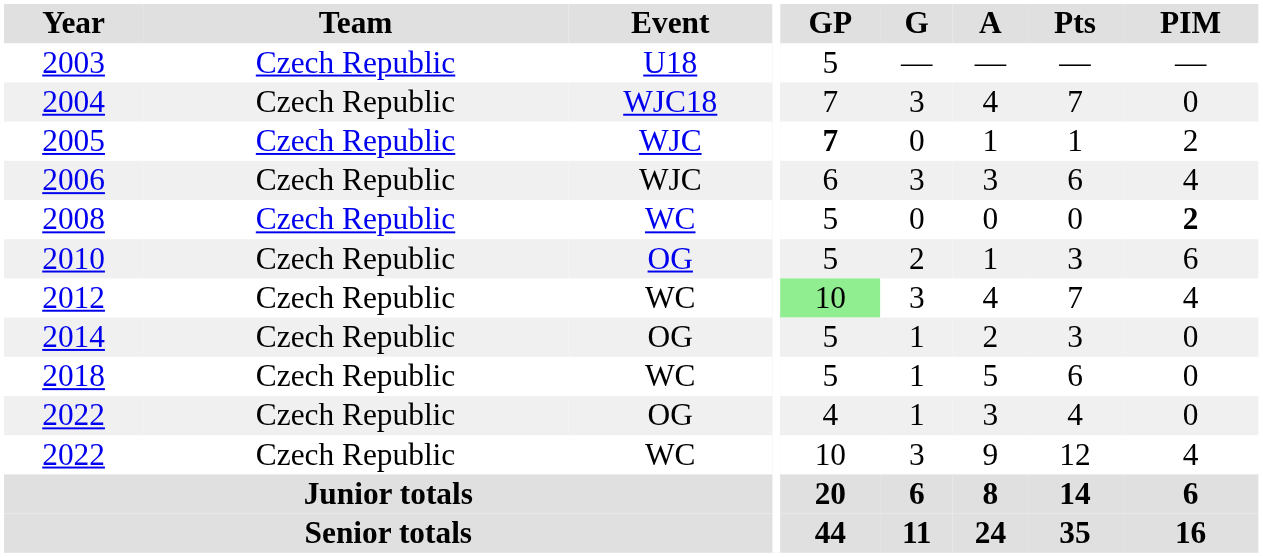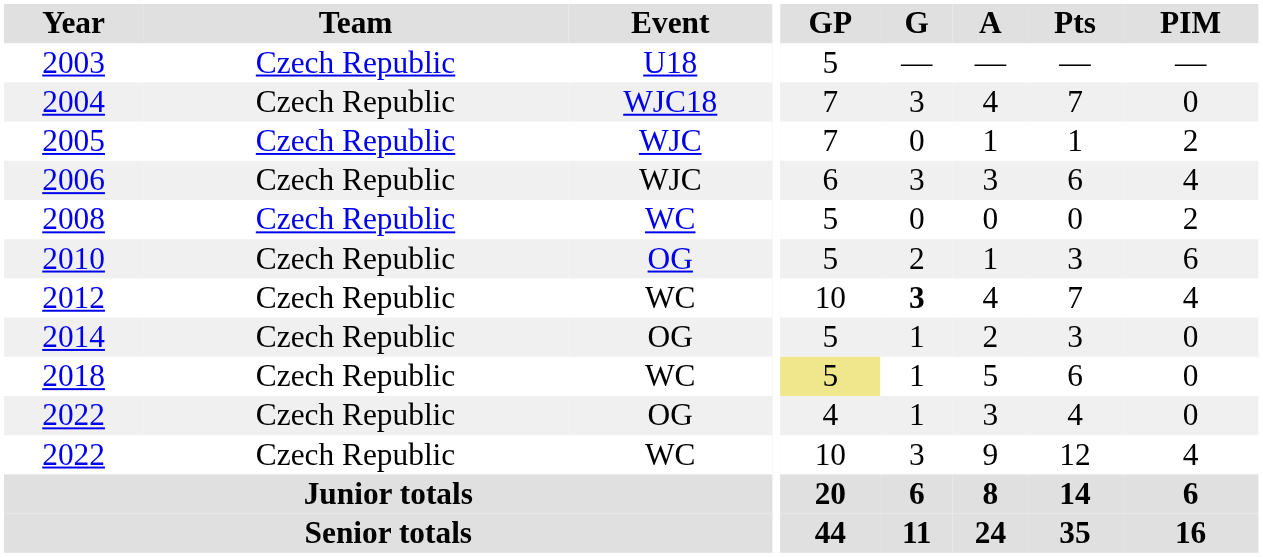 <table border="0" cellpadding="1" cellspacing="0" ID="Table3" style="text-align:center; width:40em;">
 <tr bgcolor="#e0e0e0">
 <th>Year</th>
 <th>Team</th>
 <th>Event</th>
 <th rowspan="102" bgcolor="#ffffff"></th>
 <th>GP</th>
 <th>G</th>
 <th>A</th>
 <th>Pts</th>
 <th>PIM</th>
 </tr>
 <tr>
 <td><a href='#'>2003</a></td>
 <td><a href='#'>Czech Republic</a></td>
 <td><a href='#'>U18</a></td>
 <td>5</td>
 <td>—</td>
 <td>—</td>
 <td>—</td>
 <td>—</td>
 </tr>
 <tr bgcolor="#f0f0f0">
 <td><a href='#'>2004</a></td>
 <td>Czech Republic</td>
 <td><a href='#'>WJC18</a></td>
 <td>7</td>
 <td>3</td>
 <td>4</td>
 <td>7</td>
 <td>0</td>
 </tr>
 <tr>
 <td><a href='#'>2005</a></td>
 <td><a href='#'>Czech Republic</a></td>
 <td><a href='#'>WJC</a></td>
-<td><strong>7</strong></td>
+<td>7</td>
 <td>0</td>
 <td>1</td>
 <td>1</td>
 <td>2</td>
 </tr>
 <tr bgcolor="#f0f0f0">
 <td><a href='#'>2006</a></td>
 <td>Czech Republic</td>
 <td>WJC</td>
 <td>6</td>
 <td>3</td>
 <td>3</td>
 <td>6</td>
 <td>4</td>
 </tr>
 <tr>
 <td><a href='#'>2008</a></td>
 <td><a href='#'>Czech Republic</a></td>
 <td><a href='#'>WC</a></td>
 <td>5</td>
 <td>0</td>
 <td>0</td>
 <td>0</td>
-<td><strong>2</strong></td>
+<td>2</td>
 </tr>
 <tr bgcolor="#f0f0f0">
 <td><a href='#'>2010</a></td>
 <td>Czech Republic</td>
 <td><a href='#'>OG</a></td>
 <td>5</td>
 <td>2</td>
 <td>1</td>
 <td>3</td>
 <td>6</td>
 </tr>
 <tr>
 <td><a href='#'>2012</a></td>
 <td>Czech Republic</td>
 <td>WC</td>
-<td style="background: lightgreen;">10</td>
-<td>3</td>
+<td>10</td>
+<td><strong>3</strong></td>
 <td>4</td>
 <td>7</td>
 <td>4</td>
 </tr>
 <tr bgcolor="#f0f0f0">
 <td><a href='#'>2014</a></td>
 <td>Czech Republic</td>
 <td>OG</td>
 <td>5</td>
 <td>1</td>
 <td>2</td>
 <td>3</td>
 <td>0</td>
 </tr>
 <tr>
 <td><a href='#'>2018</a></td>
 <td>Czech Republic</td>
 <td>WC</td>
-<td>5</td>
+<td style="background: khaki;">5</td>
 <td>1</td>
 <td>5</td>
 <td>6</td>
 <td>0</td>
 </tr>
 <tr bgcolor="#f0f0f0">
 <td><a href='#'>2022</a></td>
 <td>Czech Republic</td>
 <td>OG</td>
 <td>4</td>
 <td>1</td>
 <td>3</td>
 <td>4</td>
 <td>0</td>
 </tr>
 <tr>
 <td><a href='#'>2022</a></td>
 <td>Czech Republic</td>
 <td>WC</td>
 <td>10</td>
 <td>3</td>
 <td>9</td>
 <td>12</td>
 <td>4</td>
 </tr>
 <tr bgcolor="#e0e0e0">
 <th colspan="3">Junior totals</th>
 <th>20</th>
 <th>6</th>
 <th>8</th>
 <th>14</th>
 <th>6</th>
 </tr>
 <tr bgcolor="#e0e0e0">
 <th colspan="3">Senior totals</th>
 <th>44</th>
 <th>11</th>
 <th>24</th>
 <th>35</th>
 <th>16</th>
 </tr>
 </table>
